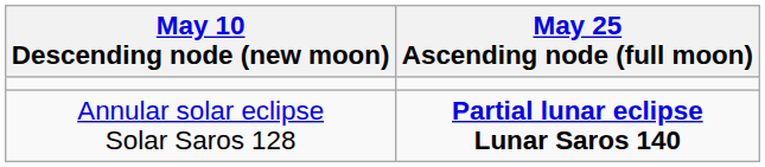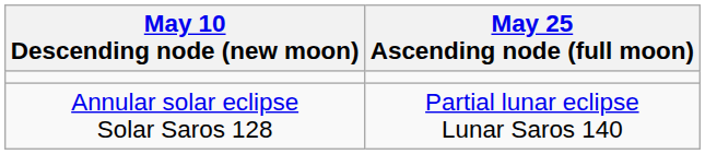 <table class="wikitable">
 <tr>
 <th><a href='#'>May 10</a><br>Descending node (new moon)<br></th>
 <th><a href='#'>May 25</a><br>Ascending node (full moon)<br></th>
 </tr>
 <tr>
 <td></td>
 <td></td>
 </tr>
 <tr align=center>
 <td><a href='#'>Annular solar eclipse</a><br>Solar Saros 128</td>
-<td><strong><a href='#'>Partial lunar eclipse</a><br>Lunar Saros 140</strong></td>
+<td><a href='#'>Partial lunar eclipse</a><br>Lunar Saros 140</td>
 </tr>
 </table>
